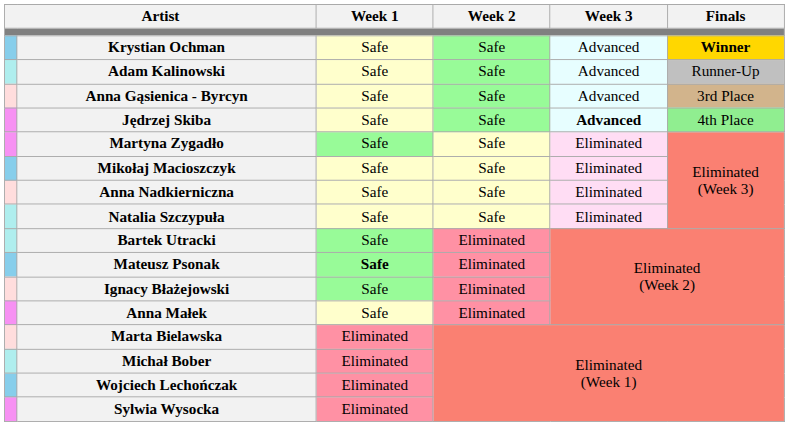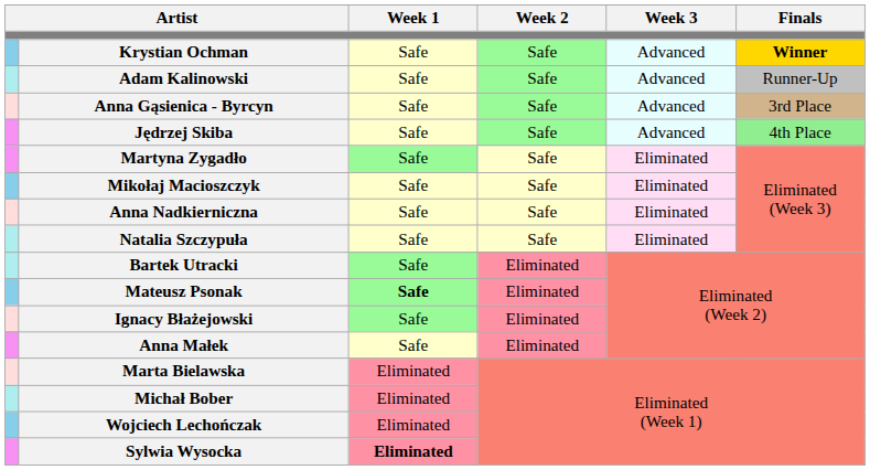 <table class="wikitable" style="text-align:center; width:65%;">
 <tr>
 </tr>
 <tr>
 <th colspan="2">Artist</th>
 <th style="width:15%;">Week 1</th>
 <th style="width:15%;">Week 2</th>
 <th style="width:15%;">Week 3</th>
 <th style="width:15%;">Finals</th>
 </tr>
 <tr>
 <th colspan="6" style="background:gray;"></th>
 </tr>
 <tr>
 <th style="background:#87ceeb;"></th>
 <th>Krystian Ochman</th>
 <td style="background:#ffc;">Safe</td>
 <td style="background:palegreen;">Safe</td>
 <td style="background:#E7FEFF;">Advanced</td>
 <td style="background:gold;"><strong>Winner</strong></td>
 </tr>
 <tr>
 <td style="background:#afeeee;"></td>
 <th>Adam Kalinowski</th>
 <td style="background:#ffc;">Safe</td>
 <td style="background:palegreen;">Safe</td>
 <td style="background:#E7FEFF;">Advanced</td>
 <td style="background:silver;">Runner-Up</td>
 </tr>
 <tr>
 <td style="background:#ffdddd;"></td>
 <th>Anna Gąsienica - Byrcyn</th>
 <td style="background:#ffc;">Safe</td>
 <td style="background:palegreen;">Safe</td>
 <td style="background:#E7FEFF;">Advanced</td>
 <td style="background:tan;">3rd Place</td>
 </tr>
 <tr>
 <th style="background:#f791f3;"></th>
 <th>Jędrzej Skiba</th>
 <td style="background:#ffc;">Safe</td>
 <td style="background:palegreen;">Safe</td>
-<td style="background:#E7FEFF;"><strong>Advanced</strong></td>
+<td style="background:#E7FEFF;">Advanced</td>
 <td style="background:lightgreen;">4th Place</td>
 </tr>
 <tr>
 <th style="background:#f791f3;"></th>
 <th>Martyna Zygadło</th>
 <td style="background:palegreen;">Safe</td>
 <td style="background:#ffc;">Safe</td>
 <td style="background:#FFDDF4;">Eliminated</td>
 <td colspan="4" rowspan="4" style="background:salmon;">Eliminated<br>(Week 3)</td>
 </tr>
 <tr>
 <th style="background:#87ceeb;"></th>
 <th>Mikołaj Macioszczyk</th>
 <td style="background:#ffc;">Safe</td>
 <td style="background:#ffc;">Safe</td>
 <td style="background:#FFDDF4;">Eliminated</td>
 </tr>
 <tr>
 <th style="background:#ffdddd;"></th>
 <th>Anna Nadkierniczna</th>
 <td style="background:#ffc;">Safe</td>
 <td style="background:#ffc;">Safe</td>
 <td style="background:#FFDDF4;">Eliminated</td>
 </tr>
 <tr>
 <td style="background:#afeeee"></td>
 <th>Natalia Szczypuła</th>
 <td style="background:#ffc;">Safe</td>
 <td style="background:#ffc;">Safe</td>
 <td style="background:#FFDDF4;">Eliminated</td>
 </tr>
 <tr>
 <th style="background:#afeeee;"></th>
 <th>Bartek Utracki</th>
 <td style="background:palegreen;">Safe</td>
 <td style="background:#FF91A4;">Eliminated</td>
 <td colspan="4" rowspan="4" style="background:salmon;">Eliminated<br>(Week 2)</td>
 </tr>
 <tr>
 <th style="background:#87ceeb;"></th>
 <th>Mateusz Psonak</th>
 <td style="background:palegreen;"><strong>Safe</strong></td>
 <td style="background:#FF91A4;">Eliminated</td>
 </tr>
 <tr>
 <th style="background:#ffdddd;"></th>
 <th>Ignacy Błażejowski</th>
 <td style="background:palegreen;">Safe</td>
 <td style="background:#FF91A4;">Eliminated</td>
 </tr>
 <tr>
 <th style="background:#f791f3;"></th>
 <th>Anna Małek</th>
 <td style="background:#ffc;">Safe</td>
 <td style="background:#FF91A4;">Eliminated</td>
 </tr>
 <tr>
 <th style="background:#ffdddd;"></th>
 <th>Marta Bielawska</th>
 <td style="background:#FF91A4;">Eliminated</td>
 <td colspan="4" rowspan="8" style="background:salmon;">Eliminated<br>(Week 1)</td>
 </tr>
 <tr>
 <th style="background:#afeeee;"></th>
 <th>Michał Bober</th>
 <td style="background:#FF91A4;">Eliminated</td>
 </tr>
 <tr>
 <th style="background:#87ceeb;"></th>
 <th>Wojciech Lechończak</th>
 <td style="background:#FF91A4;">Eliminated</td>
 </tr>
 <tr>
 <th style="background:#f791f3;"></th>
 <th>Sylwia Wysocka</th>
-<td style="background:#FF91A4;">Eliminated</td>
+<td style="background:#FF91A4;"><strong>Eliminated</strong></td>
 </tr>
 </table>
